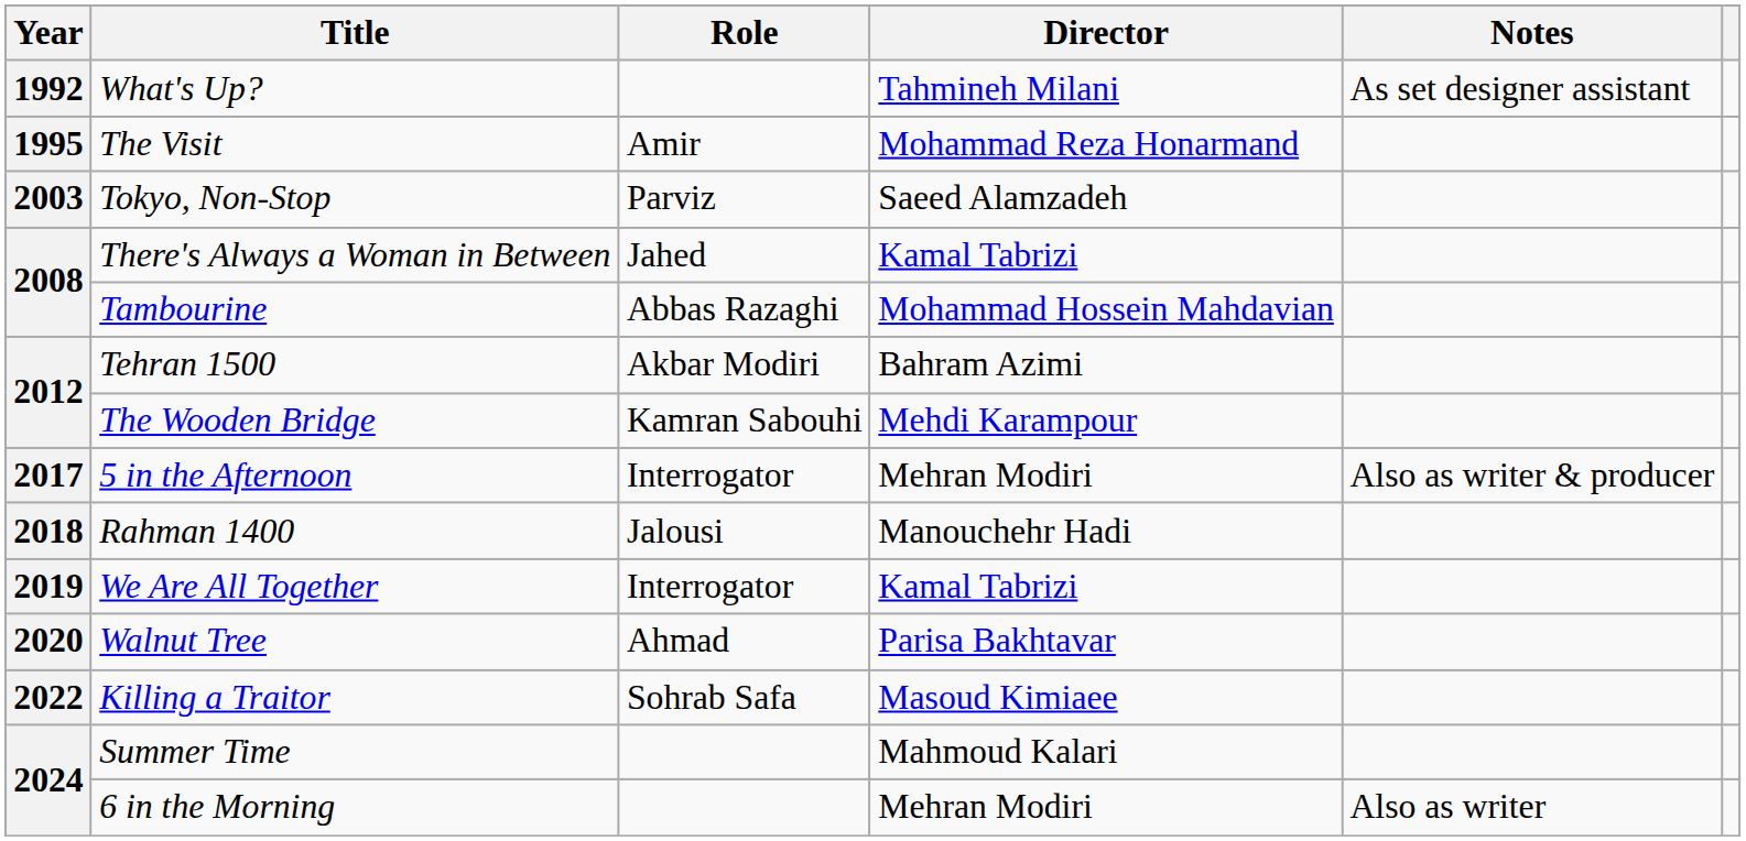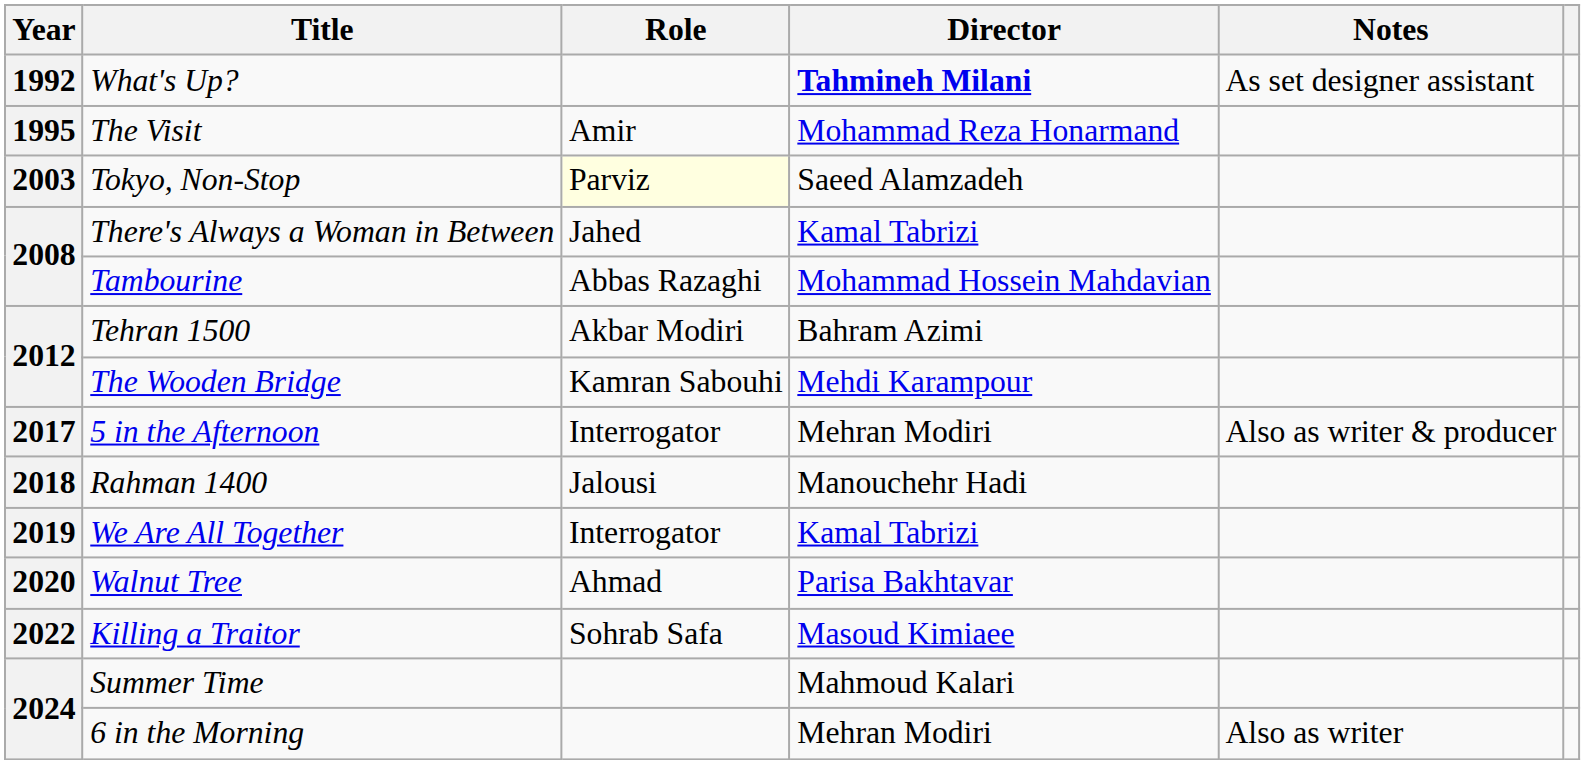 <table class="wikitable plainrowheaders sortable" style="font-size:100%">
 <tr>
 <th scope="col">Year</th>
 <th scope="col">Title</th>
 <th scope="col">Role</th>
 <th scope="col">Director</th>
 <th scope="col">Notes</th>
 <th class="unsortable" scope="col"></th>
 </tr>
 <tr>
 <th scope="row">1992</th>
 <td><em>What's Up?</em></td>
 <td></td>
-<td><a href='#'>Tahmineh Milani</a></td>
+<td><strong><a href='#'>Tahmineh Milani</a></strong></td>
 <td>As set designer assistant</td>
 <td></td>
 </tr>
 <tr>
 <th scope="row">1995</th>
 <td><em>The Visit</em></td>
 <td>Amir</td>
 <td><a href='#'>Mohammad Reza Honarmand</a></td>
 <td></td>
 <td></td>
 </tr>
 <tr>
 <th scope="row">2003</th>
 <td><em>Tokyo, Non-Stop</em></td>
-<td>Parviz</td>
+<td style="background: lightyellow;">Parviz</td>
 <td>Saeed Alamzadeh</td>
 <td></td>
 <td></td>
 </tr>
 <tr>
 <th scope="row" rowspan="2">2008</th>
 <td><em>There's Always a Woman in Between</em></td>
 <td>Jahed</td>
 <td><a href='#'>Kamal Tabrizi</a></td>
 <td></td>
 <td></td>
 </tr>
 <tr>
 <td><em><a href='#'>Tambourine</a></em></td>
 <td>Abbas Razaghi</td>
 <td><a href='#'>Mohammad Hossein Mahdavian</a></td>
 <td></td>
 <td></td>
 </tr>
 <tr>
 <th scope="row" rowspan="2">2012</th>
 <td><em>Tehran 1500</em></td>
 <td>Akbar Modiri</td>
 <td>Bahram Azimi</td>
 <td></td>
 <td></td>
 </tr>
 <tr>
 <td><em><a href='#'>The Wooden Bridge</a></em></td>
 <td>Kamran Sabouhi</td>
 <td><a href='#'>Mehdi Karampour</a></td>
 <td></td>
 <td></td>
 </tr>
 <tr>
 <th scope="row">2017</th>
 <td><em><a href='#'>5 in the Afternoon</a></em></td>
 <td>Interrogator</td>
 <td>Mehran Modiri</td>
 <td>Also as writer & producer</td>
 <td></td>
 </tr>
 <tr>
 <th scope="row">2018</th>
 <td><em>Rahman 1400</em></td>
 <td>Jalousi</td>
 <td>Manouchehr Hadi</td>
 <td></td>
 <td></td>
 </tr>
 <tr>
 <th scope="row">2019</th>
 <td><em><a href='#'>We Are All Together</a></em></td>
 <td>Interrogator</td>
 <td><a href='#'>Kamal Tabrizi</a></td>
 <td></td>
 <td></td>
 </tr>
 <tr>
 <th scope="row">2020</th>
 <td><em><a href='#'>Walnut Tree</a></em></td>
 <td>Ahmad</td>
 <td><a href='#'>Parisa Bakhtavar</a></td>
 <td></td>
 <td></td>
 </tr>
 <tr>
 <th scope="row">2022</th>
 <td><em><a href='#'>Killing a Traitor</a></em></td>
 <td>Sohrab Safa</td>
 <td><a href='#'>Masoud Kimiaee</a></td>
 <td></td>
 <td></td>
 </tr>
 <tr>
 <th rowspan="2" scope="row">2024</th>
 <td><em>Summer Time</em></td>
 <td></td>
 <td>Mahmoud Kalari</td>
 <td></td>
 <td></td>
 </tr>
 <tr>
 <td><em>6 in the Morning</em></td>
 <td></td>
 <td>Mehran Modiri</td>
 <td>Also as writer</td>
 <td></td>
 </tr>
 </table>
